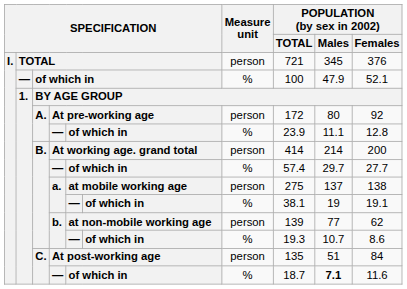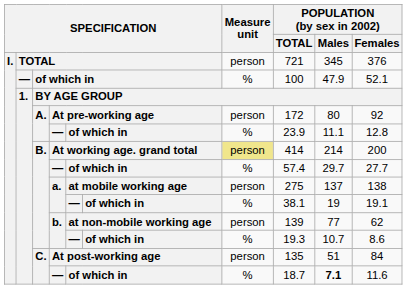 <table class="wikitable" style="font-size:85%; text-align:center">
 <tr>
 <th rowspan="2" colspan="6">SPECIFICATION</th>
 <th rowspan="2">Measure<br> unit</th>
 <th colspan="3" rowspan="1">POPULATION<br> (by sex in 2002)</th>
 </tr>
 <tr>
 <th>TOTAL</th>
 <th>Males</th>
 <th>Females</th>
 </tr>
 <tr>
 <th style="text-align:left" valign="top" rowspan="13">I.</th>
 <th style="text-align:left" colspan="5">TOTAL</th>
 <td>person</td>
 <td>721</td>
 <td>345</td>
 <td>376</td>
 </tr>
 <tr>
 <th style="text-align:left" valign="top">—</th>
 <th style="text-align:left" colspan="4">of which in</th>
 <td>%</td>
 <td>100</td>
 <td>47.9</td>
 <td>52.1</td>
 </tr>
 <tr>
 <th style="text-align:left" valign="top" rowspan="11">1.</th>
 <th style="text-align:left" colspan="19">BY AGE GROUP</th>
 </tr>
 <tr>
 <th style="text-align:left" valign="top" rowspan="2">A.</th>
 <th style="text-align:left" colspan="3">At pre-working age</th>
 <td>person</td>
 <td>172</td>
 <td>80</td>
 <td>92</td>
 </tr>
 <tr>
 <th style="text-align:left" valign="top">—</th>
 <th style="text-align:left" valign="top" colspan="2">of which in</th>
 <td>%</td>
 <td>23.9</td>
 <td>11.1</td>
 <td>12.8</td>
 </tr>
 <tr>
 <th style="text-align:left" valign="top" rowspan="6">B.</th>
 <th style="text-align:left" colspan="3">At working age. grand total</th>
-<td>person</td>
+<td style="background: khaki;">person</td>
 <td>414</td>
 <td>214</td>
 <td>200</td>
 </tr>
 <tr>
 <th style="text-align:left" valign="top">—</th>
 <th style="text-align:left" valign="top" colspan="2">of which in</th>
 <td>%</td>
 <td>57.4</td>
 <td>29.7</td>
 <td>27.7</td>
 </tr>
 <tr>
 <th style="text-align:left" valign="top" rowspan="2">a.</th>
 <th style="text-align:left" colspan="2">at mobile working age</th>
 <td>person</td>
 <td>275</td>
 <td>137</td>
 <td>138</td>
 </tr>
 <tr>
 <th style="text-align:left" valign="top">—</th>
 <th style="text-align:left" valign="top" colspan="1">of which in                        </th>
 <td>%</td>
 <td>38.1</td>
 <td>19</td>
 <td>19.1</td>
 </tr>
 <tr>
 <th style="text-align:left" valign="top" rowspan="2">b.</th>
 <th style="text-align:left" colspan="2">at non-mobile working age</th>
 <td>person</td>
 <td>139</td>
 <td>77</td>
 <td>62</td>
 </tr>
 <tr>
 <th style="text-align:left" valign="top">—</th>
 <th style="text-align:left" valign="top" colspan="1">of which in                        </th>
 <td>%</td>
 <td>19.3</td>
 <td>10.7</td>
 <td>8.6</td>
 </tr>
 <tr>
 <th style="text-align:left" valign="top" rowspan="2">C.</th>
 <th style="text-align:left" colspan="3">At post-working age</th>
 <td>person</td>
 <td>135</td>
 <td>51</td>
 <td>84</td>
 </tr>
 <tr>
 <th style="text-align:left" valign="top">—</th>
 <th style="text-align:left" valign="top" colspan="2">of which in</th>
 <td>%</td>
 <td>18.7</td>
 <td><strong>7.1</strong></td>
 <td>11.6</td>
 </tr>
 </table>
